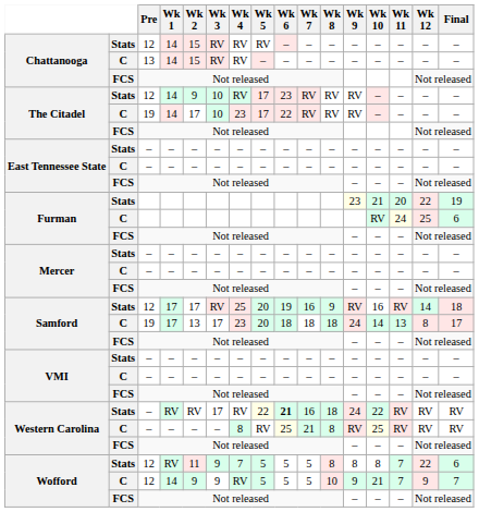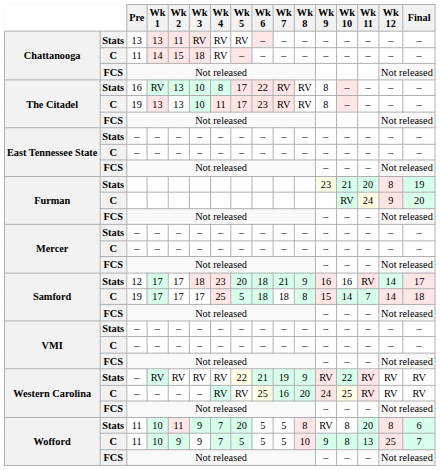 <table class="wikitable" style="white-space:nowrap;font-size:70%;">
 <tr>
 <th colspan=2 style="background:white; border-top-style:hidden; border-left-style:hidden;"> </th>
 <th>Pre</th>
 <th>Wk<br>1</th>
 <th>Wk<br>2</th>
 <th>Wk<br>3</th>
 <th>Wk<br>4</th>
 <th>Wk<br>5</th>
 <th>Wk<br>6</th>
 <th>Wk<br>7</th>
 <th>Wk<br>8</th>
 <th>Wk<br>9</th>
 <th>Wk<br>10</th>
 <th>Wk<br>11</th>
 <th>Wk<br>12</th>
 <th>Final</th>
 </tr>
 <tr style="text-align:center;">
 <th rowspan=3>Chattanooga</th>
 <th>Stats</th>
-<td style="background:#FFF;">12</td>
-<td style="background:#FFE6E6;">14</td>
-<td style="background:#FFE6E6;">15</td>
+<td style="background:#FFF;">13</td>
+<td style="background:#FFE6E6;">13</td>
+<td style="background:#FFE6E6;">11</td>
 <td style="background:#FFE6E6;">RV</td>
 <td style="background:#FFF;">RV</td>
 <td style="background:#FFF;">RV</td>
 <td style="background:#FFE6E6;">–</td>
 <td style="background:#FFF;">–</td>
 <td style="background:#FFF;">–</td>
 <td style="background:#FFF;">–</td>
 <td style="background:#FFF;">–</td>
 <td style="background:#FFF;">–</td>
 <td style="background:#FFF;">–</td>
 <td style="background:#FFF;">–</td>
 </tr>
 <tr style="text-align:center;">
 <th>C</th>
-<td style="background:#FFF;">13</td>
+<td style="background:#FFF;">11</td>
 <td style="background:#FFE6E6;">14</td>
 <td style="background:#FFE6E6;">15</td>
-<td style="background:#FFE6E6;">RV</td>
+<td style="background:#FFE6E6;">18</td>
 <td style="background:#FFF;">RV</td>
 <td style="background:#FFE6E6;">–</td>
 <td style="background:#FFF;">–</td>
 <td style="background:#FFF;">–</td>
 <td style="background:#FFF;">–</td>
 <td style="background:#FFF;">–</td>
 <td style="background:#FFF;">–</td>
 <td style="background:#FFF;">–</td>
 <td style="background:#FFF;">–</td>
 <td style="background:#FFF;">–</td>
 </tr>
 <tr style="text-align:center;">
 <th>FCS</th>
 <td colspan=9 align=center>Not released</td>
 <td style="background:#FFF;"></td>
 <td style="background:#FFF;"></td>
 <td style="background:#FFF;"></td>
 <td colspan=2 align=center>Not released</td>
 </tr>
 <tr style="text-align:center;">
 <th rowspan=3>The Citadel</th>
 <th>Stats</th>
-<td style="background:#FFF;">12</td>
-<td style="background:#D8FFEB;">14</td>
-<td style="background:#D8FFEB;">9</td>
+<td style="background:#FFF;">16</td>
+<td style="background:#D8FFEB;">RV</td>
+<td style="background:#D8FFEB;">13</td>
 <td style="background:#D8FFEB;">10</td>
-<td style="background:#D8FFEB;">RV</td>
+<td style="background:#D8FFEB;">8</td>
 <td style="background:#FFE6E6;">17</td>
-<td style="background:#FFE6E6;">23</td>
+<td style="background:#FFE6E6;">22</td>
 <td style="background:#FFE6E6;">RV</td>
 <td style="background:#FFF;">RV</td>
-<td style="background:#FFF;">RV</td>
+<td style="background:#FFF;">8</td>
 <td style="background:#FFE6E6;">–</td>
 <td style="background:#FFF;">–</td>
 <td style="background:#FFF;">–</td>
 <td style="background:#FFF;">–</td>
 </tr>
 <tr style="text-align:center;">
 <th>C</th>
 <td style="background:#FFF;">19</td>
-<td style="background:#FFE6E6;">14</td>
-<td style="background:#FFF;">17</td>
+<td style="background:#FFE6E6;">13</td>
+<td style="background:#FFF;">13</td>
 <td style="background:#D8FFEB;">10</td>
+<td style="background:#FFE6E6;">11</td>
+<td style="background:#FFE6E6;">17</td>
 <td style="background:#FFE6E6;">23</td>
-<td style="background:#FFE6E6;">17</td>
-<td style="background:#FFE6E6;">22</td>
 <td style="background:#FFE6E6;">RV</td>
 <td style="background:#FFF;">RV</td>
-<td style="background:#FFF;">RV</td>
+<td style="background:#FFF;">8</td>
 <td style="background:#FFE6E6;">–</td>
 <td style="background:#FFF;">–</td>
 <td style="background:#FFF;">–</td>
 <td style="background:#FFF;">–</td>
 </tr>
 <tr style="text-align:center;">
 <th>FCS</th>
 <td colspan=9 align=center>Not released</td>
 <td style="background:#FFF;"></td>
 <td style="background:#FFF;"></td>
 <td style="background:#FFF;"></td>
 <td colspan=2 align=center>Not released</td>
 </tr>
 <tr style="text-align:center;">
 <th rowspan=3>East Tennessee State</th>
 <th>Stats</th>
 <td style="background:#FFF;">–</td>
 <td style="background:#FFF;">–</td>
 <td style="background:#FFF;">–</td>
 <td style="background:#FFF;">–</td>
 <td style="background:#FFF;">–</td>
 <td style="background:#FFF;">–</td>
 <td style="background:#FFF;">–</td>
 <td style="background:#FFF;">–</td>
 <td style="background:#FFF;">–</td>
 <td style="background:#FFF;">–</td>
 <td style="background:#FFF;">–</td>
 <td style="background:#FFF;">–</td>
 <td style="background:#FFF;">–</td>
 <td style="background:#FFF;">–</td>
 </tr>
 <tr style="text-align:center;">
 <th>C</th>
 <td style="background:#FFF;">–</td>
 <td style="background:#FFF;">–</td>
 <td style="background:#FFF;">–</td>
 <td style="background:#FFF;">–</td>
 <td style="background:#FFF;">–</td>
 <td style="background:#FFF;">–</td>
 <td style="background:#FFF;">–</td>
 <td style="background:#FFF;">–</td>
 <td style="background:#FFF;">–</td>
 <td style="background:#FFF;">–</td>
 <td style="background:#FFF;">–</td>
 <td style="background:#FFF;">–</td>
 <td style="background:#FFF;">–</td>
 <td style="background:#FFF;">–</td>
 </tr>
 <tr style="text-align:center;">
 <th>FCS</th>
 <td colspan=9 align=center>Not released</td>
 <td style="background:#FFF;">–</td>
 <td style="background:#FFF;">–</td>
 <td style="background:#FFF;">–</td>
 <td colspan=2 align=center>Not released</td>
 </tr>
 <tr style="text-align:center;">
 <th rowspan=3>Furman</th>
 <th>Stats</th>
 <td style="background:#FFF;"></td>
 <td style="background:#FFF;"></td>
 <td style="background:#FFF;"></td>
 <td style="background:#FFF;"></td>
 <td style="background:#FFF;"></td>
 <td style="background:#FFF;"></td>
 <td style="background:#FFF;"></td>
 <td style="background:#FFF;"></td>
 <td style="background:#FFF;"></td>
 <td style="background:#FFFFE6;">23</td>
 <td style="background:#D8FFEB;">21</td>
 <td style="background:#D8FFEB;">20</td>
-<td style="background:#FFE6E6;">22</td>
+<td style="background:#FFE6E6;">8</td>
 <td style="background:#D8FFEB;">19</td>
 </tr>
 <tr style="text-align:center;">
 <th>C</th>
 <td style="background:#FFF;"></td>
 <td style="background:#FFF;"></td>
 <td style="background:#FFF;"></td>
 <td style="background:#FFF;"></td>
 <td style="background:#FFF;"></td>
 <td style="background:#FFF;"></td>
 <td style="background:#FFF;"></td>
 <td style="background:#FFF;"></td>
 <td style="background:#FFF;"></td>
 <td style="background:#FFF;"></td>
 <td style="background:#D8FFEB;">RV</td>
 <td style="background:#FFFFE6;">24</td>
-<td style="background:#FFE6E6;">25</td>
-<td style="background:#D8FFEB;">6</td>
+<td style="background:#FFE6E6;">9</td>
+<td style="background:#D8FFEB;">20</td>
 </tr>
 <tr style="text-align:center;">
 <th>FCS</th>
 <td colspan=9 align=center>Not released</td>
 <td style="background:#FFF;">–</td>
 <td style="background:#FFF;">–</td>
 <td style="background:#FFF;">–</td>
 <td colspan=2 align=center>Not released</td>
 </tr>
 <tr style="text-align:center;">
 <th rowspan=3>Mercer</th>
 <th>Stats</th>
 <td style="background:#FFF;">–</td>
 <td style="background:#FFF;">–</td>
 <td style="background:#FFF;">–</td>
 <td style="background:#FFF;">–</td>
 <td style="background:#FFF;">–</td>
 <td style="background:#FFF;">–</td>
 <td style="background:#FFF;">–</td>
 <td style="background:#FFF;">–</td>
 <td style="background:#FFF;">–</td>
 <td style="background:#FFF;">–</td>
 <td style="background:#FFF;">–</td>
 <td style="background:#FFF;">–</td>
 <td style="background:#FFF;">–</td>
 <td style="background:#FFF;">–</td>
 </tr>
 <tr style="text-align:center;">
 <th>C</th>
 <td style="background:#FFF;">–</td>
 <td style="background:#FFF;">–</td>
 <td style="background:#FFF;">–</td>
 <td style="background:#FFF;">–</td>
 <td style="background:#FFF;">–</td>
 <td style="background:#FFF;">–</td>
 <td style="background:#FFF;">–</td>
 <td style="background:#FFF;">–</td>
 <td style="background:#FFF;">–</td>
 <td style="background:#FFF;">–</td>
 <td style="background:#FFF;">–</td>
 <td style="background:#FFF;">–</td>
 <td style="background:#FFF;">–</td>
 <td style="background:#FFF;">–</td>
 </tr>
 <tr style="text-align:center;">
 <th>FCS</th>
 <td colspan=9 align=center>Not released</td>
 <td style="background:#FFF;">–</td>
 <td style="background:#FFF;">–</td>
 <td style="background:#FFF;">–</td>
 <td colspan=2 align=center>Not released</td>
 </tr>
 <tr style="text-align:center;">
 <th rowspan=3>Samford</th>
 <th>Stats</th>
 <td style="background:#FFF;">12</td>
 <td style="background:#D8FFEB;">17</td>
 <td style="background:#FFF;">17</td>
-<td style="background:#FFE6E6;">RV</td>
-<td style="background:#FFE6E6;">25</td>
+<td style="background:#FFE6E6;">18</td>
+<td style="background:#FFE6E6;">23</td>
 <td style="background:#D8FFEB;">20</td>
-<td style="background:#D8FFEB;">19</td>
-<td style="background:#D8FFEB;">16</td>
+<td style="background:#D8FFEB;">18</td>
+<td style="background:#D8FFEB;">21</td>
 <td style="background:#D8FFEB;">9</td>
-<td style="background:#FFE6E6;">RV</td>
+<td style="background:#FFE6E6;">16</td>
 <td style="background:#FFF;">16</td>
 <td style="background:#FFE6E6;">RV</td>
 <td style="background:#D8FFEB;">14</td>
-<td style="background:#FFE6E6;">18</td>
+<td style="background:#FFE6E6;">17</td>
 </tr>
 <tr style="text-align:center;">
 <th>C</th>
 <td style="background:#FFF;">19</td>
 <td style="background:#D8FFEB;">17</td>
-<td style="background:#FFF;">13</td>
 <td style="background:#FFF;">17</td>
-<td style="background:#FFE6E6;">23</td>
-<td style="background:#D8FFEB;">20</td>
+<td style="background:#FFF;">17</td>
+<td style="background:#FFE6E6;">25</td>
+<td style="background:#D8FFEB;">5</td>
 <td style="background:#D8FFEB;">18</td>
 <td style="background:#FFF;">18</td>
-<td style="background:#D8FFEB;">18</td>
-<td style="background:#FFE6E6;">24</td>
+<td style="background:#D8FFEB;">8</td>
+<td style="background:#FFE6E6;">15</td>
 <td style="background:#D8FFEB;">14</td>
-<td style="background:#D8FFEB;">13</td>
-<td style="background:#FFE6E6;">8</td>
-<td style="background:#FFE6E6;">17</td>
+<td style="background:#D8FFEB;">7</td>
+<td style="background:#FFE6E6;">14</td>
+<td style="background:#FFE6E6;">18</td>
 </tr>
 <tr style="text-align:center;">
 <th>FCS</th>
 <td colspan=9 align=center>Not released</td>
 <td style="background:#FFF;">–</td>
 <td style="background:#FFF;">–</td>
 <td style="background:#FFF;">–</td>
 <td colspan=2 align=center>Not released</td>
 </tr>
 <tr style="text-align:center;">
 <th rowspan=3>VMI</th>
 <th>Stats</th>
 <td style="background:#FFF;">–</td>
 <td style="background:#FFF;">–</td>
 <td style="background:#FFF;">–</td>
 <td style="background:#FFF;">–</td>
 <td style="background:#FFF;">–</td>
 <td style="background:#FFF;">–</td>
 <td style="background:#FFF;">–</td>
 <td style="background:#FFF;">–</td>
 <td style="background:#FFF;">–</td>
 <td style="background:#FFF;">–</td>
 <td style="background:#FFF;">–</td>
 <td style="background:#FFF;">–</td>
 <td style="background:#FFF;">–</td>
 <td style="background:#FFF;">–</td>
 </tr>
 <tr style="text-align:center;">
 <th>C</th>
 <td style="background:#FFF;">–</td>
 <td style="background:#FFF;">–</td>
 <td style="background:#FFF;">–</td>
 <td style="background:#FFF;">–</td>
 <td style="background:#FFF;">–</td>
 <td style="background:#FFF;">–</td>
 <td style="background:#FFF;">–</td>
 <td style="background:#FFF;">–</td>
 <td style="background:#FFF;">–</td>
 <td style="background:#FFF;">–</td>
 <td style="background:#FFF;">–</td>
 <td style="background:#FFF;">–</td>
 <td style="background:#FFF;">–</td>
 <td style="background:#FFF;">–</td>
 </tr>
 <tr style="text-align:center;">
 <th>FCS</th>
 <td colspan=9 align=center>Not released</td>
 <td style="background:#FFF;">–</td>
 <td style="background:#FFF;">–</td>
 <td style="background:#FFF;">–</td>
 <td colspan=2 align=center>Not released</td>
 </tr>
 <tr style="text-align:center;">
 <th rowspan=3>Western Carolina</th>
 <th>Stats</th>
 <td style="background:#FFF;">–</td>
 <td style="background:#D8FFEB;">RV</td>
 <td style="background:#FFF;">RV</td>
-<td style="background:#FFF;">17</td>
+<td style="background:#FFF;">RV</td>
 <td style="background:#FFF;">RV</td>
 <td style="background:#FFFFE6;">22</td>
-<td style="background:#D8FFEB;"><strong>21</strong></td>
-<td style="background:#D8FFEB;">16</td>
-<td style="background:#D8FFEB;">18</td>
-<td style="background:#FFE6E6;">24</td>
+<td style="background:#D8FFEB;">21</td>
+<td style="background:#D8FFEB;">19</td>
+<td style="background:#D8FFEB;">9</td>
+<td style="background:#FFE6E6;">RV</td>
 <td style="background:#D8FFEB;">22</td>
 <td style="background:#FFE6E6;">RV</td>
 <td style="background:#FFF;">RV</td>
 <td style="background:#FFF;">RV</td>
 </tr>
 <tr style="text-align:center;">
 <th>C</th>
 <td style="background:#FFF;">–</td>
 <td style="background:#FFF;">–</td>
 <td style="background:#FFF;">–</td>
 <td style="background:#FFF;">–</td>
-<td style="background:#D8FFEB;">8</td>
+<td style="background:#D8FFEB;">RV</td>
 <td style="background:#FFF;">RV</td>
 <td style="background:#FFFFE6;">25</td>
-<td style="background:#D8FFEB;">21</td>
-<td style="background:#D8FFEB;">8</td>
-<td style="background:#FFE6E6;">RV</td>
+<td style="background:#D8FFEB;">16</td>
+<td style="background:#D8FFEB;">20</td>
+<td style="background:#FFE6E6;">24</td>
 <td style="background:#FFFFE6;">25</td>
 <td style="background:#FFE6E6;">RV</td>
 <td style="background:#FFF;">RV</td>
 <td style="background:#FFF;">RV</td>
 </tr>
 <tr style="text-align:center;">
 <th>FCS</th>
 <td colspan=9 align=center>Not released</td>
 <td style="background:#FFF;">–</td>
 <td style="background:#FFF;">–</td>
 <td style="background:#FFF;">–</td>
 <td colspan=2 align=center>Not released</td>
 </tr>
 <tr style="text-align:center;">
 <th rowspan=3>Wofford</th>
 <th>Stats</th>
-<td style="background:#FFF;">12</td>
-<td style="background:#D8FFEB;">RV</td>
+<td style="background:#FFF;">11</td>
+<td style="background:#D8FFEB;">10</td>
 <td style="background:#FFE6E6;">11</td>
 <td style="background:#D8FFEB;">9</td>
 <td style="background:#D8FFEB;">7</td>
-<td style="background:#D8FFEB;">5</td>
+<td style="background:#D8FFEB;">20</td>
 <td style="background:#FFF;">5</td>
 <td style="background:#FFF;">5</td>
 <td style="background:#FFE6E6;">8</td>
+<td style="background:#FFF;">RV</td>
 <td style="background:#FFF;">8</td>
-<td style="background:#FFF;">8</td>
-<td style="background:#D8FFEB;">7</td>
-<td style="background:#FFE6E6;">22</td>
+<td style="background:#D8FFEB;">20</td>
+<td style="background:#FFE6E6;">8</td>
 <td style="background:#D8FFEB;">6</td>
 </tr>
 <tr style="text-align:center;">
 <th>C</th>
-<td style="background:#FFF;">12</td>
-<td style="background:#D8FFEB;">14</td>
+<td style="background:#FFF;">11</td>
+<td style="background:#D8FFEB;">10</td>
 <td style="background:#D8FFEB;">9</td>
 <td style="background:#FFF;">9</td>
-<td style="background:#D8FFEB;">RV</td>
+<td style="background:#D8FFEB;">7</td>
 <td style="background:#D8FFEB;">5</td>
 <td style="background:#FFF;">5</td>
 <td style="background:#FFF;">5</td>
 <td style="background:#FFE6E6;">10</td>
 <td style="background:#D8FFEB;">9</td>
-<td style="background:#D8FFEB;">21</td>
-<td style="background:#D8FFEB;">7</td>
-<td style="background:#FFE6E6;">9</td>
+<td style="background:#D8FFEB;">8</td>
+<td style="background:#D8FFEB;">13</td>
+<td style="background:#FFE6E6;">25</td>
 <td style="background:#D8FFEB;">7</td>
 </tr>
 <tr style="text-align:center;">
 <th>FCS</th>
 <td colspan=9 align=center>Not released</td>
 <td style="background:#FFF;">–</td>
 <td style="background:#FFF;">–</td>
 <td style="background:#FFF;">–</td>
 <td colspan=2 align=center>Not released</td>
 </tr>
 </table>
